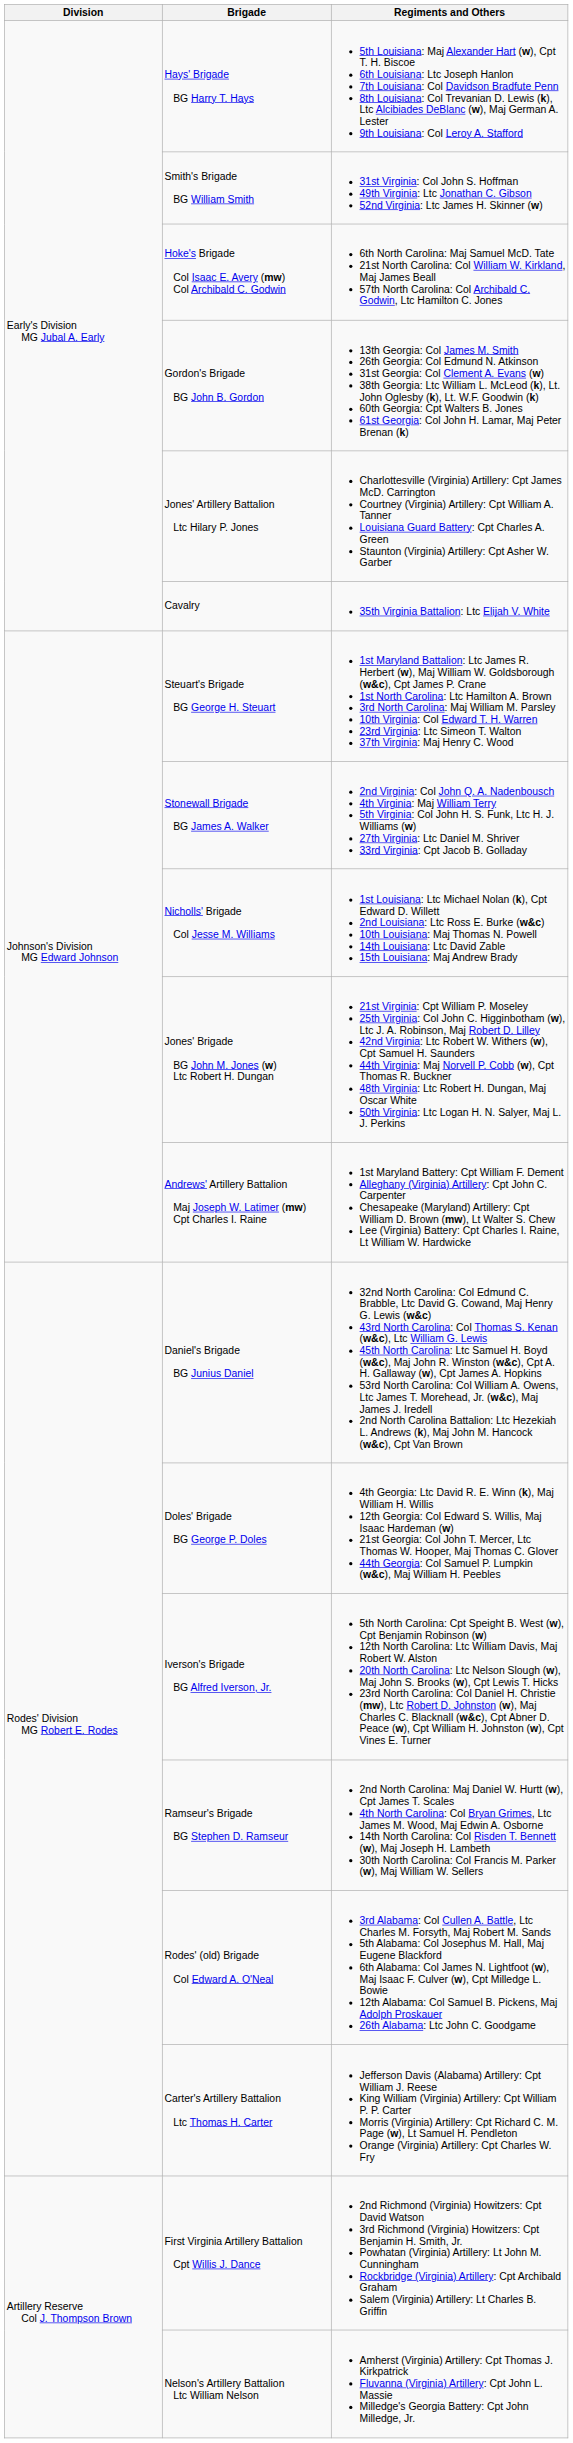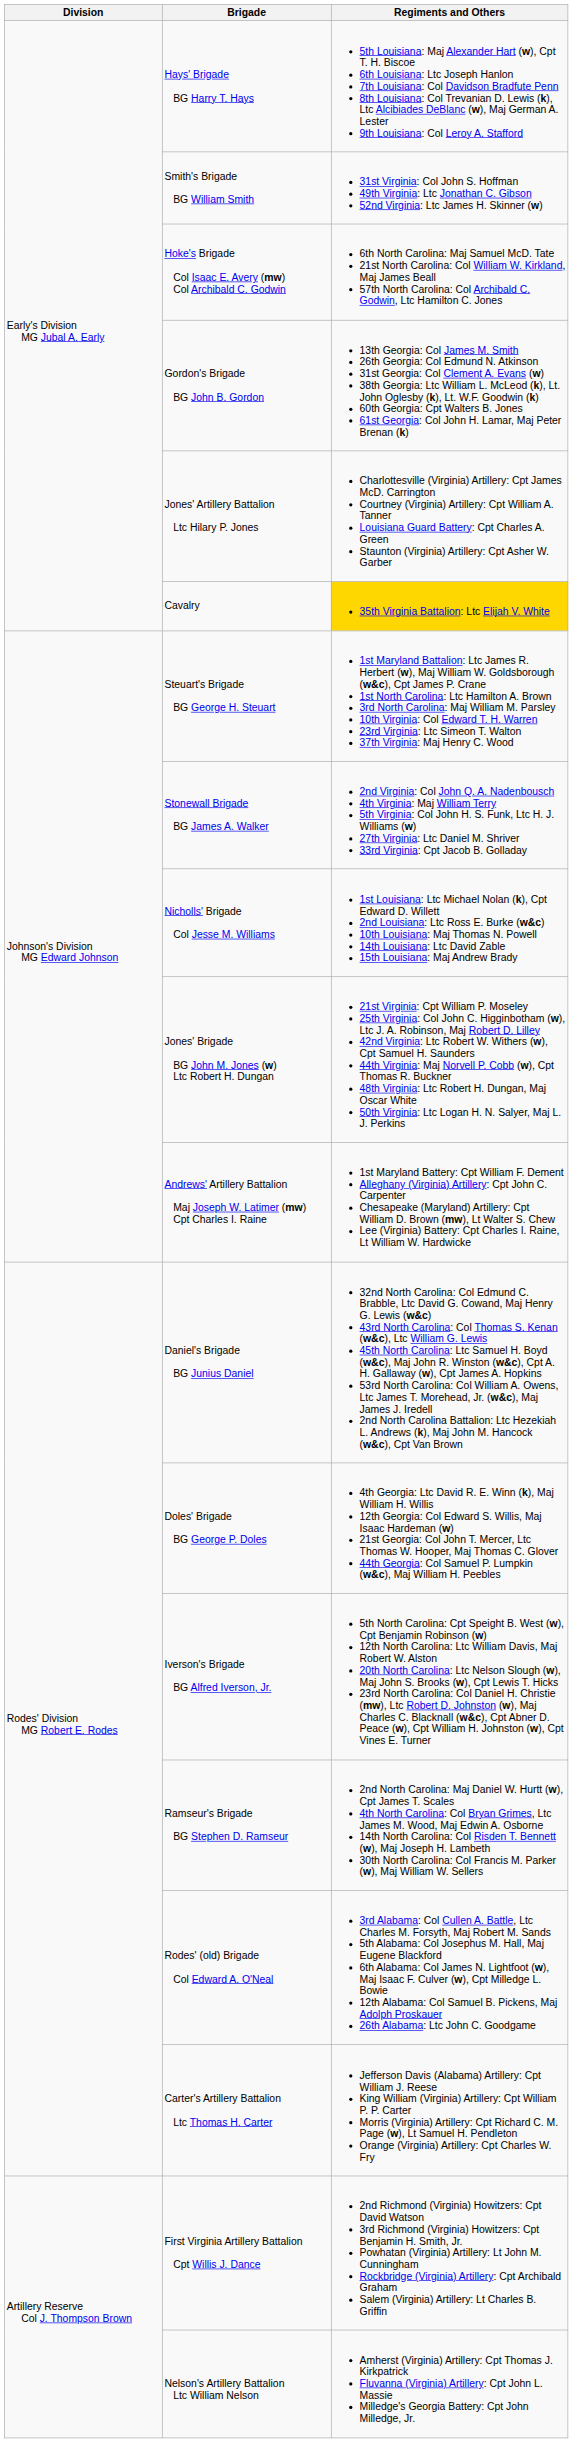 <table class="wikitable">
 <tr>
 <th style="width:28%;">Division</th>
 <th style="width:30%;">Brigade</th>
 <th>Regiments and Others</th>
 </tr>
 <tr>
 <td rowspan=6><br>Early's Division <br>     MG <a href='#'>Jubal A. Early</a></td>
 <td><a href='#'>Hays' Brigade</a><br><br>   BG <a href='#'>Harry T. Hays</a></td>
 <td><br><ul><li><a href='#'>5th Louisiana</a>: Maj <a href='#'>Alexander Hart</a> (<strong>w</strong>), Cpt T. H. Biscoe</li><li><a href='#'>6th Louisiana</a>: Ltc Joseph Hanlon</li><li><a href='#'>7th Louisiana</a>: Col <a href='#'>Davidson Bradfute Penn</a></li><li><a href='#'>8th Louisiana</a>: Col Trevanian D. Lewis (<strong>k</strong>), Ltc <a href='#'>Alcibiades DeBlanc</a> (<strong>w</strong>), Maj German A. Lester</li><li><a href='#'>9th Louisiana</a>: Col <a href='#'>Leroy A. Stafford</a></li></ul></td>
 </tr>
 <tr>
 <td>Smith's Brigade<br><br>   BG <a href='#'>William Smith</a></td>
 <td><br><ul><li><a href='#'>31st Virginia</a>: Col John S. Hoffman</li><li><a href='#'>49th Virginia</a>: Ltc <a href='#'>Jonathan C. Gibson</a></li><li><a href='#'>52nd Virginia</a>: Ltc James H. Skinner (<strong>w</strong>)</li></ul></td>
 </tr>
 <tr>
 <td><a href='#'>Hoke's</a> Brigade<br><br>   Col <a href='#'>Isaac E. Avery</a> (<strong>mw</strong>) <br>   Col <a href='#'>Archibald C. Godwin</a></td>
 <td><br><ul><li>6th North Carolina: Maj Samuel McD. Tate</li><li>21st North Carolina: Col <a href='#'>William W. Kirkland</a>, Maj James Beall</li><li>57th North Carolina: Col <a href='#'>Archibald C. Godwin</a>, Ltc Hamilton C. Jones</li></ul></td>
 </tr>
 <tr>
 <td>Gordon's Brigade<br><br>   BG <a href='#'>John B. Gordon</a></td>
 <td><br><ul><li>13th Georgia: Col <a href='#'>James M. Smith</a></li><li>26th Georgia: Col Edmund N. Atkinson</li><li>31st Georgia: Col <a href='#'>Clement A. Evans</a> (<strong>w</strong>)</li><li>38th Georgia: Ltc William L. McLeod (<strong>k</strong>), Lt. John Oglesby (<strong>k</strong>), Lt. W.F. Goodwin (<strong>k</strong>)</li><li>60th Georgia: Cpt Walters B. Jones</li><li><a href='#'>61st Georgia</a>: Col John H. Lamar, Maj Peter Brenan (<strong>k</strong>)</li></ul></td>
 </tr>
 <tr>
 <td>Jones' Artillery Battalion<br><br>   Ltc Hilary P. Jones</td>
 <td><br><ul><li>Charlottesville (Virginia) Artillery: Cpt James McD. Carrington</li><li>Courtney (Virginia) Artillery: Cpt William A. Tanner</li><li><a href='#'>Louisiana Guard Battery</a>: Cpt Charles A. Green</li><li>Staunton (Virginia) Artillery: Cpt Asher W. Garber</li></ul></td>
 </tr>
 <tr>
 <td>Cavalry</td>
-<td><br><ul><li><a href='#'>35th Virginia Battalion</a>: Ltc <a href='#'>Elijah V. White</a></li></ul></td>
+<td style="background: gold;"><br><ul><li><a href='#'>35th Virginia Battalion</a>: Ltc <a href='#'>Elijah V. White</a></li></ul></td>
 </tr>
 <tr>
 <td rowspan=5><br>Johnson's Division <br>     MG <a href='#'>Edward Johnson</a></td>
 <td>Steuart's Brigade<br><br>   BG <a href='#'>George H. Steuart</a></td>
 <td><br><ul><li><a href='#'>1st Maryland Battalion</a>: Ltc James R. Herbert (<strong>w</strong>), Maj William W. Goldsborough (<strong>w&c</strong>), Cpt James P. Crane</li><li><a href='#'>1st North Carolina</a>: Ltc Hamilton A. Brown</li><li><a href='#'>3rd North Carolina</a>: Maj William M. Parsley</li><li><a href='#'>10th Virginia</a>: Col <a href='#'>Edward T. H. Warren</a></li><li><a href='#'>23rd Virginia</a>: Ltc Simeon T. Walton</li><li><a href='#'>37th Virginia</a>: Maj Henry C. Wood</li></ul></td>
 </tr>
 <tr>
 <td><a href='#'>Stonewall Brigade</a><br><br>   BG <a href='#'>James A. Walker</a></td>
 <td><br><ul><li><a href='#'>2nd Virginia</a>: Col <a href='#'>John Q. A. Nadenbousch</a></li><li><a href='#'>4th Virginia</a>: Maj <a href='#'>William Terry</a></li><li><a href='#'>5th Virginia</a>: Col John H. S. Funk, Ltc H. J. Williams (<strong>w</strong>)</li><li><a href='#'>27th Virginia</a>: Ltc Daniel M. Shriver</li><li><a href='#'>33rd Virginia</a>: Cpt Jacob B. Golladay</li></ul></td>
 </tr>
 <tr>
 <td><a href='#'>Nicholls'</a> Brigade<br><br>   Col <a href='#'>Jesse M. Williams</a></td>
 <td><br><ul><li><a href='#'>1st Louisiana</a>: Ltc Michael Nolan (<strong>k</strong>), Cpt Edward D. Willett</li><li><a href='#'>2nd Louisiana</a>: Ltc Ross E. Burke (<strong>w&c</strong>)</li><li><a href='#'>10th Louisiana</a>: Maj Thomas N. Powell</li><li><a href='#'>14th Louisiana</a>: Ltc David Zable</li><li><a href='#'>15th Louisiana</a>: Maj Andrew Brady</li></ul></td>
 </tr>
 <tr>
 <td>Jones' Brigade<br><br>   BG <a href='#'>John M. Jones</a> (<strong>w</strong>) <br>   Ltc Robert H. Dungan</td>
 <td><br><ul><li><a href='#'>21st Virginia</a>: Cpt William P. Moseley</li><li><a href='#'>25th Virginia</a>: Col John C. Higginbotham (<strong>w</strong>), Ltc J. A. Robinson, Maj <a href='#'>Robert D. Lilley</a></li><li><a href='#'>42nd Virginia</a>: Ltc Robert W. Withers (<strong>w</strong>), Cpt Samuel H. Saunders</li><li><a href='#'>44th Virginia</a>: Maj <a href='#'>Norvell P. Cobb</a> (<strong>w</strong>), Cpt Thomas R. Buckner</li><li><a href='#'>48th Virginia</a>: Ltc Robert H. Dungan, Maj Oscar White</li><li><a href='#'>50th Virginia</a>: Ltc Logan H. N. Salyer, Maj L. J. Perkins</li></ul></td>
 </tr>
 <tr>
 <td><a href='#'>Andrews'</a> Artillery Battalion<br><br>   Maj <a href='#'>Joseph W. Latimer</a> (<strong>mw</strong>) <br>   Cpt Charles I. Raine</td>
 <td><br><ul><li>1st Maryland Battery: Cpt William F. Dement</li><li><a href='#'>Alleghany (Virginia) Artillery</a>: Cpt John C. Carpenter</li><li>Chesapeake (Maryland) Artillery: Cpt William D. Brown (<strong>mw</strong>), Lt Walter S. Chew</li><li>Lee (Virginia) Battery: Cpt Charles I. Raine, Lt William W. Hardwicke</li></ul></td>
 </tr>
 <tr>
 <td rowspan=6><br>Rodes' Division <br>     MG <a href='#'>Robert E. Rodes</a></td>
 <td>Daniel's Brigade<br><br>   BG <a href='#'>Junius Daniel</a></td>
 <td><br><ul><li>32nd North Carolina: Col Edmund C. Brabble, Ltc David G. Cowand, Maj Henry G. Lewis (<strong>w&c</strong>)</li><li><a href='#'>43rd North Carolina</a>: Col <a href='#'>Thomas S. Kenan</a> (<strong>w&c</strong>), Ltc <a href='#'>William G. Lewis</a></li><li><a href='#'>45th North Carolina</a>: Ltc Samuel H. Boyd (<strong>w&c</strong>), Maj John R. Winston (<strong>w&c</strong>), Cpt A. H. Gallaway (<strong>w</strong>), Cpt James A. Hopkins</li><li>53rd North Carolina: Col William A. Owens, Ltc James T. Morehead, Jr. (<strong>w&c</strong>), Maj James J. Iredell</li><li>2nd North Carolina Battalion: Ltc Hezekiah L. Andrews (<strong>k</strong>), Maj John M. Hancock (<strong>w&c</strong>), Cpt Van Brown</li></ul></td>
 </tr>
 <tr>
 <td>Doles' Brigade<br><br>   BG <a href='#'>George P. Doles</a></td>
 <td><br><ul><li>4th Georgia: Ltc David R. E. Winn (<strong>k</strong>), Maj William H. Willis</li><li>12th Georgia: Col Edward S. Willis, Maj Isaac Hardeman (<strong>w</strong>)</li><li>21st Georgia: Col John T. Mercer, Ltc Thomas W. Hooper, Maj Thomas C. Glover</li><li><a href='#'>44th Georgia</a>: Col Samuel P. Lumpkin (<strong>w&c</strong>), Maj William H. Peebles</li></ul></td>
 </tr>
 <tr>
 <td>Iverson's Brigade<br><br>   BG <a href='#'>Alfred Iverson, Jr.</a></td>
 <td><br><ul><li>5th North Carolina: Cpt Speight B. West (<strong>w</strong>), Cpt Benjamin Robinson (<strong>w</strong>)</li><li>12th North Carolina: Ltc William Davis, Maj Robert W. Alston</li><li><a href='#'>20th North Carolina</a>: Ltc Nelson Slough (<strong>w</strong>), Maj John S. Brooks (<strong>w</strong>), Cpt Lewis T. Hicks</li><li>23rd North Carolina: Col Daniel H. Christie (<strong>mw</strong>), Ltc <a href='#'>Robert D. Johnston</a> (<strong>w</strong>), Maj Charles C. Blacknall (<strong>w&c</strong>), Cpt Abner D. Peace (<strong>w</strong>), Cpt William H. Johnston (<strong>w</strong>), Cpt Vines E. Turner</li></ul></td>
 </tr>
 <tr>
 <td>Ramseur's Brigade<br><br>   BG <a href='#'>Stephen D. Ramseur</a></td>
 <td><br><ul><li>2nd North Carolina: Maj Daniel W. Hurtt (<strong>w</strong>), Cpt James T. Scales</li><li><a href='#'>4th North Carolina</a>: Col <a href='#'>Bryan Grimes</a>, Ltc James M. Wood, Maj Edwin A. Osborne</li><li>14th North Carolina: Col <a href='#'>Risden T. Bennett</a> (<strong>w</strong>), Maj Joseph H. Lambeth</li><li>30th North Carolina: Col Francis M. Parker (<strong>w</strong>), Maj William W. Sellers</li></ul></td>
 </tr>
 <tr>
 <td>Rodes' (old) Brigade<br><br>   Col <a href='#'>Edward A. O'Neal</a></td>
 <td><br><ul><li><a href='#'>3rd Alabama</a>: Col <a href='#'>Cullen A. Battle</a>, Ltc Charles M. Forsyth, Maj Robert M. Sands</li><li>5th Alabama: Col Josephus M. Hall, Maj Eugene Blackford</li><li>6th Alabama: Col James N. Lightfoot (<strong>w</strong>), Maj Isaac F. Culver (<strong>w</strong>), Cpt Milledge L. Bowie</li><li>12th Alabama: Col Samuel B. Pickens, Maj <a href='#'>Adolph Proskauer</a></li><li><a href='#'>26th Alabama</a>: Ltc John C. Goodgame</li></ul></td>
 </tr>
 <tr>
 <td>Carter's Artillery Battalion<br><br>   Ltc <a href='#'>Thomas H. Carter</a></td>
 <td><br><ul><li>Jefferson Davis (Alabama) Artillery: Cpt William J. Reese</li><li>King William (Virginia) Artillery: Cpt William P. P. Carter</li><li>Morris (Virginia) Artillery: Cpt Richard C. M. Page (<strong>w</strong>), Lt Samuel H. Pendleton</li><li>Orange (Virginia) Artillery: Cpt Charles W. Fry</li></ul></td>
 </tr>
 <tr>
 <td rowspan=2><br>Artillery Reserve <br>     Col <a href='#'>J. Thompson Brown</a></td>
 <td>First Virginia Artillery Battalion<br><br>   Cpt <a href='#'>Willis J. Dance</a></td>
 <td><br><ul><li>2nd Richmond (Virginia) Howitzers: Cpt David Watson</li><li>3rd Richmond (Virginia) Howitzers: Cpt Benjamin H. Smith, Jr.</li><li>Powhatan (Virginia) Artillery: Lt John M. Cunningham</li><li><a href='#'>Rockbridge (Virginia) Artillery</a>: Cpt Archibald Graham</li><li>Salem (Virginia) Artillery: Lt Charles B. Griffin</li></ul></td>
 </tr>
 <tr>
 <td><br>Nelson's Artillery Battalion <br>   Ltc William Nelson</td>
 <td><br><ul><li>Amherst (Virginia) Artillery: Cpt Thomas J. Kirkpatrick</li><li><a href='#'>Fluvanna (Virginia) Artillery</a>: Cpt John L. Massie</li><li>Milledge's Georgia Battery: Cpt John Milledge, Jr.</li></ul></td>
 </tr>
 </table>
